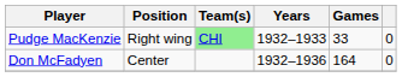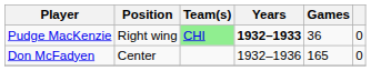 <table class="wikitable">
 <tr>
 <th>Player</th>
 <th>Position</th>
 <th>Team(s)</th>
 <th>Years</th>
 <th>Games</th>
 <th><a href='#'></a></th>
 </tr>
 <tr>
 <td><a href='#'>Pudge MacKenzie</a></td>
 <td>Right wing</td>
 <td style="background: lightgreen;"><a href='#'>CHI</a></td>
-<td>1932–1933</td>
-<td>33</td>
+<td><strong>1932–1933</strong></td>
+<td>36</td>
 <td>0</td>
 </tr>
 <tr>
 <td><a href='#'>Don McFadyen</a></td>
 <td>Center</td>
 <td><span><strong></strong></span></td>
 <td>1932–1936</td>
-<td>164</td>
+<td>165</td>
 <td>0</td>
 </tr>
 <tr>
 </tr>
 </table>
